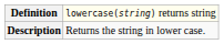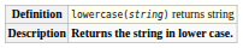 <table class="wikitable">
 <tr style="background:#fffeed;">
 <th>Definition</th>
 <td><code>lowercase(<em>string</em>)</code> returns string</td>
 </tr>
 <tr>
 <th>Description</th>
-<td>Returns the string in lower case.</td>
+<td><strong>Returns the string in lower case.</strong></td>
 </tr>
 </table>
